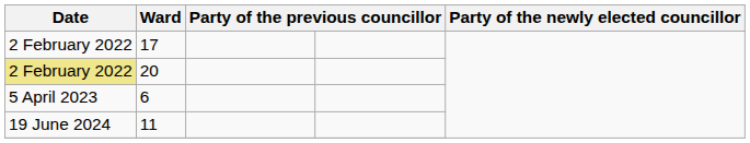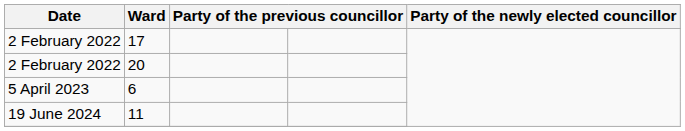 <table class="wikitable">
 <tr>
 <th>Date</th>
 <th>Ward</th>
 <th colspan=2>Party of the previous councillor</th>
 <th colspan=2>Party of the newly elected councillor</th>
 </tr>
 <tr>
 <td>2 February 2022</td>
 <td>17</td>
 <td></td>
 <td></td>
 </tr>
 <tr>
-<td style="background: khaki;">2 February 2022</td>
+<td>2 February 2022</td>
 <td>20</td>
 <td></td>
 <td></td>
 </tr>
 <tr>
 <td>5 April 2023</td>
 <td>6</td>
 <td></td>
 <td></td>
 </tr>
 <tr>
 <td>19 June 2024</td>
 <td>11</td>
 <td></td>
 <td></td>
 </tr>
 <tr>
 </tr>
 </table>
